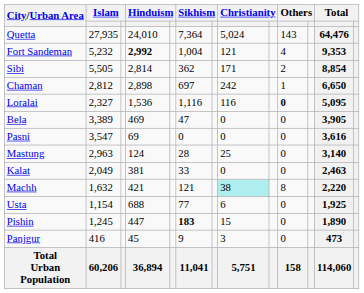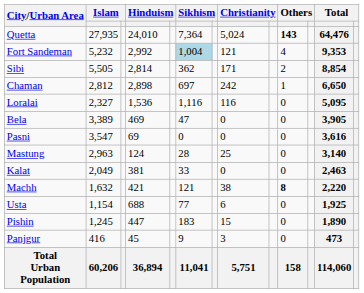 <table class="wikitable sortable">
 <tr>
 <th rowspan="2"><a href='#'>City</a>/<a href='#'>Urban Area</a></th>
 <th colspan="2"><a href='#'>Islam</a> </th>
 <th colspan="2"><a href='#'>Hinduism</a> </th>
 <th colspan="2"><a href='#'>Sikhism</a> </th>
 <th colspan="2"><a href='#'>Christianity</a> </th>
 <th colspan="2">Others</th>
 <th colspan="2">Total</th>
 </tr>
 <tr>
 <th><a href='#'></a></th>
 <th></th>
 <th></th>
 <th></th>
 <th></th>
 <th></th>
 <th></th>
 <th></th>
 <th></th>
 <th></th>
 <th></th>
 <th></th>
 </tr>
 <tr>
 <td><a href='#'>Quetta</a></td>
 <td>27,935</td>
 <td></td>
 <td>24,010</td>
 <td></td>
 <td>7,364</td>
 <td></td>
 <td>5,024</td>
 <td></td>
-<td>143</td>
+<td><strong>143</strong></td>
 <td></td>
 <th>64,476</th>
 <th></th>
 </tr>
 <tr>
 <td><a href='#'>Fort Sandeman</a></td>
 <td>5,232</td>
 <td></td>
-<td><strong>2,992</strong></td>
+<td>2,992</td>
 <td></td>
-<td>1,004</td>
+<td style="background: lightblue;">1,004</td>
 <td></td>
 <td>121</td>
 <td></td>
 <td>4</td>
 <td></td>
 <th>9,353</th>
 <th></th>
 </tr>
 <tr>
 <td><a href='#'>Sibi</a></td>
 <td>5,505</td>
 <td></td>
 <td>2,814</td>
 <td></td>
 <td>362</td>
 <td></td>
 <td>171</td>
 <td></td>
 <td>2</td>
 <td></td>
 <th>8,854</th>
 <th></th>
 </tr>
 <tr>
 <td><a href='#'>Chaman</a></td>
 <td>2,812</td>
 <td></td>
 <td>2,898</td>
 <td></td>
 <td>697</td>
 <td></td>
 <td>242</td>
 <td></td>
 <td>1</td>
 <td></td>
 <th>6,650</th>
 <th></th>
 </tr>
 <tr>
 <td><a href='#'>Loralai</a></td>
 <td>2,327</td>
 <td></td>
 <td>1,536</td>
 <td></td>
 <td>1,116</td>
 <td></td>
 <td>116</td>
 <td></td>
-<td><strong>0</strong></td>
+<td>0</td>
 <td></td>
 <th>5,095</th>
 <th></th>
 </tr>
 <tr>
 <td><a href='#'>Bela</a></td>
 <td>3,389</td>
 <td></td>
 <td>469</td>
 <td></td>
 <td>47</td>
 <td></td>
 <td>0</td>
 <td></td>
 <td>0</td>
 <td></td>
 <th>3,905</th>
 <th></th>
 </tr>
 <tr>
 <td><a href='#'>Pasni</a></td>
 <td>3,547</td>
 <td></td>
 <td>69</td>
 <td></td>
 <td>0</td>
 <td></td>
 <td>0</td>
 <td></td>
 <td>0</td>
 <td></td>
 <th>3,616</th>
 <th></th>
 </tr>
 <tr>
 <td><a href='#'>Mastung</a></td>
 <td>2,963</td>
 <td></td>
 <td>124</td>
 <td></td>
 <td>28</td>
 <td></td>
 <td>25</td>
 <td></td>
 <td>0</td>
 <td></td>
 <th>3,140</th>
 <th></th>
 </tr>
 <tr>
 <td><a href='#'>Kalat</a></td>
 <td>2,049</td>
 <td></td>
 <td>381</td>
 <td></td>
 <td>33</td>
 <td></td>
 <td>0</td>
 <td></td>
 <td>0</td>
 <td></td>
 <th>2,463</th>
 <th></th>
 </tr>
 <tr>
 <td><a href='#'>Machh</a></td>
 <td>1,632</td>
 <td></td>
 <td>421</td>
 <td></td>
 <td>121</td>
 <td></td>
-<td style="background: paleturquoise;">38</td>
+<td>38</td>
 <td></td>
-<td>8</td>
+<td><strong>8</strong></td>
 <td></td>
 <th>2,220</th>
 <th></th>
 </tr>
 <tr>
 <td><a href='#'>Usta</a></td>
 <td>1,154</td>
 <td></td>
 <td>688</td>
 <td></td>
 <td>77</td>
 <td></td>
 <td>6</td>
 <td></td>
 <td>0</td>
 <td></td>
 <th>1,925</th>
 <th></th>
 </tr>
 <tr>
 <td><a href='#'>Pishin</a></td>
 <td>1,245</td>
 <td></td>
 <td>447</td>
 <td></td>
-<td><strong>183</strong></td>
+<td>183</td>
 <td></td>
 <td>15</td>
 <td></td>
 <td>0</td>
 <td></td>
 <th>1,890</th>
 <th></th>
 </tr>
 <tr>
 <td><a href='#'>Panjgur</a></td>
 <td>416</td>
 <td></td>
 <td>45</td>
 <td></td>
 <td>9</td>
 <td></td>
 <td>3</td>
 <td></td>
 <td>0</td>
 <td></td>
 <th>473</th>
 <th></th>
 </tr>
 <tr>
 <th>Total<br>Urban<br>Population</th>
 <th>60,206</th>
 <th></th>
 <th>36,894</th>
 <th></th>
 <th>11,041</th>
 <th></th>
 <th>5,751</th>
 <th></th>
 <th>158</th>
 <th></th>
 <th>114,060</th>
 <th></th>
 </tr>
 </table>
